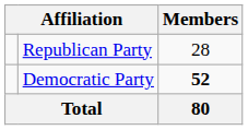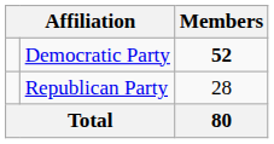 <table class="wikitable">
 <tr>
 <th colspan="2">Affiliation</th>
 <th>Members</th>
 </tr>
 <tr>
 <td style="background-color:"> </td>
-<td><a href='#'>Republican Party</a></td>
-<td style="text-align:center;">28</td>
+<td><a href='#'>Democratic Party</a></td>
+<td style="text-align:center;"><strong>52</strong></td>
 </tr>
 <tr>
 <td style="background-color:"> </td>
-<td><a href='#'>Democratic Party</a></td>
-<td style="text-align:center;"><strong>52</strong></td>
+<td><a href='#'>Republican Party</a></td>
+<td style="text-align:center;">28</td>
 </tr>
 <tr>
 <th colspan="2" style="text-align:center;">Total</th>
 <th style="text-align:center;">80</th>
 </tr>
 </table>
